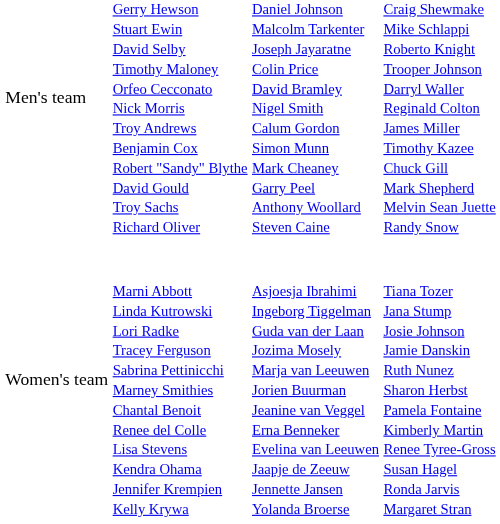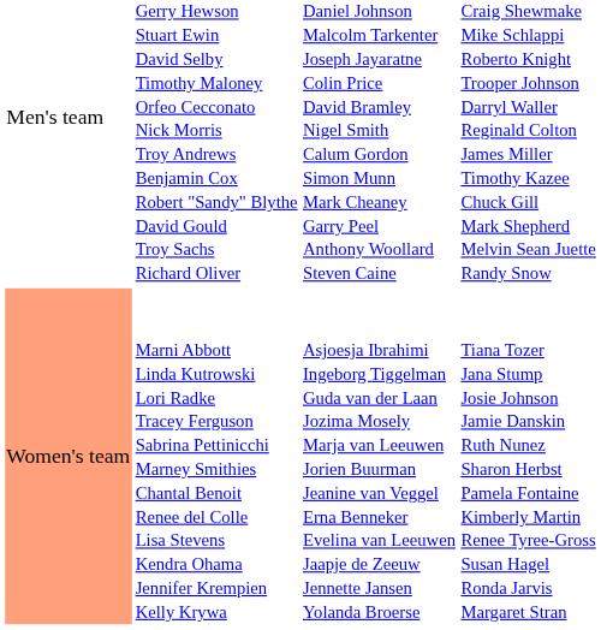 <table>
 <tr>
 <td>Men's team<br></td>
 <td valign=top> <br><br><small><a href='#'>Gerry Hewson</a> <br> <a href='#'>Stuart Ewin</a> <br> <a href='#'>David Selby</a> <br> <a href='#'>Timothy Maloney</a> <br> <a href='#'>Orfeo Cecconato</a> <br> <a href='#'>Nick Morris</a> <br> <a href='#'>Troy Andrews</a> <br> <a href='#'>Benjamin Cox</a> <br> <a href='#'>Robert "Sandy" Blythe</a> <br> <a href='#'>David Gould</a> <br> <a href='#'>Troy Sachs</a> <br> <a href='#'>Richard Oliver</a></small></td>
 <td valign=top> <br><br><small><a href='#'>Daniel Johnson</a> <br> <a href='#'>Malcolm Tarkenter</a> <br> <a href='#'>Joseph Jayaratne</a> <br> <a href='#'>Colin Price</a> <br> <a href='#'>David Bramley</a> <br> <a href='#'>Nigel Smith</a> <br> <a href='#'>Calum Gordon</a> <br> <a href='#'>Simon Munn</a> <br> <a href='#'>Mark Cheaney</a> <br> <a href='#'>Garry Peel</a> <br> <a href='#'>Anthony Woollard</a> <br> <a href='#'>Steven Caine</a></small></td>
 <td valign=top> <br><br><small><a href='#'>Craig Shewmake</a> <br> <a href='#'>Mike Schlappi</a> <br> <a href='#'>Roberto Knight</a> <br> <a href='#'>Trooper Johnson</a> <br> <a href='#'>Darryl Waller</a> <br> <a href='#'>Reginald Colton</a> <br> <a href='#'>James Miller</a> <br> <a href='#'>Timothy Kazee</a> <br> <a href='#'>Chuck Gill</a> <br> <a href='#'>Mark Shepherd</a> <br> <a href='#'>Melvin Sean Juette</a> <br> <a href='#'>Randy Snow</a></small></td>
 </tr>
 <tr>
-<td>Women's team<br></td>
+<td style="background: lightsalmon;">Women's team<br></td>
 <td valign=top> <br><br><small><a href='#'>Marni Abbott</a> <br> <a href='#'>Linda Kutrowski</a> <br> <a href='#'>Lori Radke</a> <br> <a href='#'>Tracey Ferguson</a> <br> <a href='#'>Sabrina Pettinicchi</a> <br> <a href='#'>Marney Smithies</a> <br> <a href='#'>Chantal Benoit</a> <br> <a href='#'>Renee del Colle</a> <br> <a href='#'>Lisa Stevens</a> <br> <a href='#'>Kendra Ohama</a> <br> <a href='#'>Jennifer Krempien</a> <br> <a href='#'>Kelly Krywa</a></small></td>
 <td valign=top> <br><br><small><a href='#'>Asjoesja Ibrahimi</a> <br> <a href='#'>Ingeborg Tiggelman</a> <br> <a href='#'>Guda van der Laan</a> <br> <a href='#'>Jozima Mosely</a> <br> <a href='#'>Marja van Leeuwen</a> <br> <a href='#'>Jorien Buurman</a> <br> <a href='#'>Jeanine van Veggel</a> <br> <a href='#'>Erna Benneker</a> <br> <a href='#'>Evelina van Leeuwen</a> <br> <a href='#'>Jaapje de Zeeuw</a> <br> <a href='#'>Jennette Jansen</a> <br> <a href='#'>Yolanda Broerse</a></small></td>
 <td valign=top> <br><br><small><a href='#'>Tiana Tozer</a> <br> <a href='#'>Jana Stump</a> <br> <a href='#'>Josie Johnson</a> <br> <a href='#'>Jamie Danskin</a> <br> <a href='#'>Ruth Nunez</a> <br> <a href='#'>Sharon Herbst</a> <br> <a href='#'>Pamela Fontaine</a> <br> <a href='#'>Kimberly Martin</a> <br> <a href='#'>Renee Tyree-Gross</a> <br> <a href='#'>Susan Hagel</a> <br> <a href='#'>Ronda Jarvis</a> <br> <a href='#'>Margaret Stran</a></small></td>
 </tr>
 </table>
